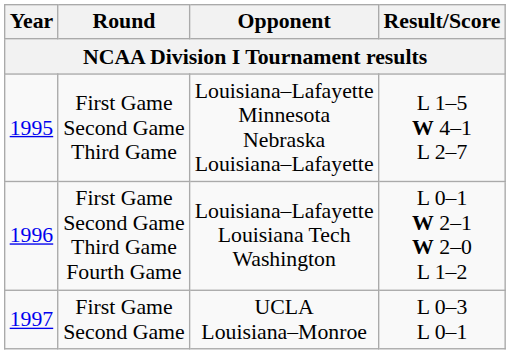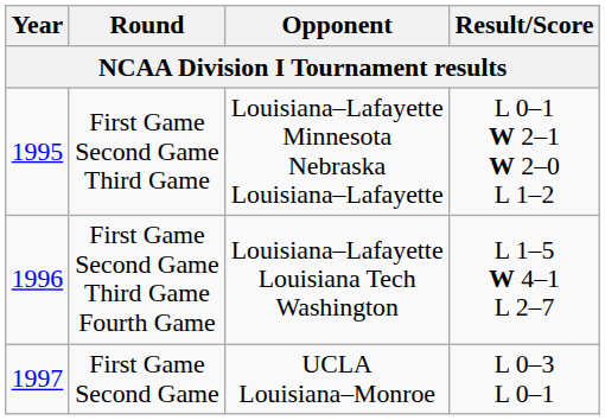 <table class="wikitable">
 <tr>
 <th>Year</th>
 <th>Round</th>
 <th>Opponent</th>
 <th>Result/Score</th>
 </tr>
 <tr>
 <th colspan=4>NCAA Division I Tournament results</th>
 </tr>
 <tr align="center">
 <td><a href='#'>1995</a></td>
 <td>First Game<br>Second Game<br>Third Game</td>
 <td>Louisiana–Lafayette<br>Minnesota<br>Nebraska<br>Louisiana–Lafayette</td>
-<td>L 1–5<br><strong>W</strong> 4–1<br>L 2–7</td>
+<td>L 0–1<br><strong>W</strong> 2–1<br><strong>W</strong> 2–0<br>L 1–2</td>
 </tr>
 <tr align="center">
 <td><a href='#'>1996</a></td>
 <td>First Game<br>Second Game<br>Third Game<br>Fourth Game</td>
 <td>Louisiana–Lafayette<br>Louisiana Tech<br>Washington</td>
-<td>L 0–1<br><strong>W</strong> 2–1<br><strong>W</strong> 2–0<br>L 1–2</td>
+<td>L 1–5<br><strong>W</strong> 4–1<br>L 2–7</td>
 </tr>
 <tr align="center">
 <td><a href='#'>1997</a></td>
 <td>First Game<br>Second Game</td>
 <td>UCLA<br>Louisiana–Monroe</td>
 <td>L 0–3<br>L 0–1</td>
 </tr>
 </table>
